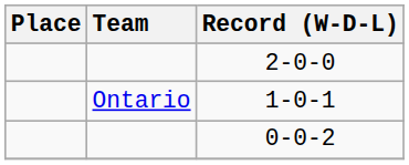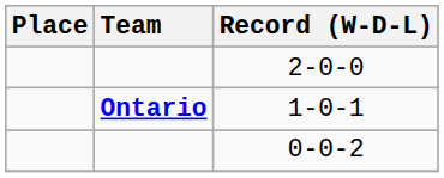 <table class="wikitable" style="text-align:center; padding-bottom:0;">
 <tr>
 <th>Place</th>
 <th style="text-align:left;">Team</th>
 <th>Record (W-D-L)</th>
 </tr>
 <tr>
 <td></td>
 <td align=left></td>
 <td>2-0-0</td>
 </tr>
 <tr>
 <td></td>
-<td align=left> <a href='#'>Ontario</a></td>
+<td align=left><strong> <a href='#'>Ontario</a></strong></td>
 <td>1-0-1</td>
 </tr>
 <tr>
 <td></td>
 <td align=left></td>
 <td>0-0-2</td>
 </tr>
 <tr>
 </tr>
 </table>
